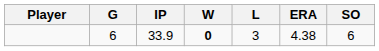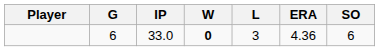 <table class="wikitable sortable">
 <tr>
 <th bgcolor="#DDDDFF" width="16%">Player</th>
 <th bgcolor="#DDDDFF" width="9%">G</th>
 <th bgcolor="#DDDDFF" width="9%">IP</th>
 <th bgcolor="#DDDDFF" width="9%">W</th>
 <th bgcolor="#DDDDFF" width="9%">L</th>
 <th bgcolor="#DDDDFF" width="9%">ERA</th>
 <th bgcolor="#DDDDFF" width="9%">SO</th>
 </tr>
 <tr align="center">
 <td></td>
 <td>6</td>
-<td>33.9</td>
+<td>33.0</td>
 <td><strong>0</strong></td>
 <td>3</td>
-<td>4.38</td>
+<td>4.36</td>
 <td>6</td>
 </tr>
 </table>
